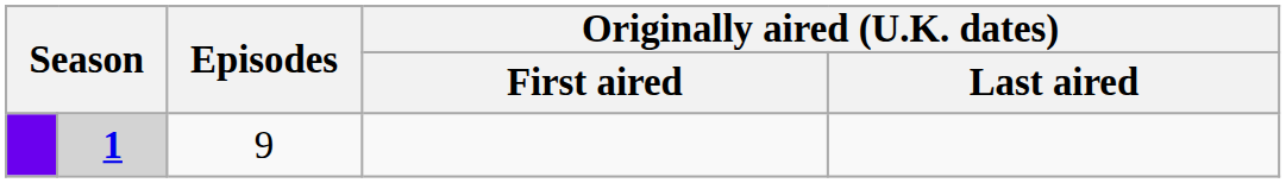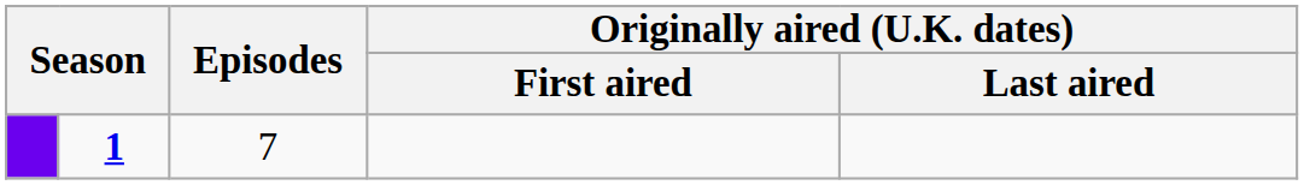 <table class="wikitable plainrowheaders" style="text-align:center;">
 <tr>
 <th scope="col" style="padding:0 9px;" rowspan="2" colspan="2">Season</th>
 <th scope="col" style="padding:0 9px;" rowspan="2">Episodes</th>
 <th scope="col" style="padding:0 90px;" colspan="2">Originally aired (U.K. dates)</th>
 </tr>
 <tr>
 <th scope="col">First aired</th>
 <th scope="col">Last aired</th>
 </tr>
 <tr>
 <td scope="row" style="background:#6B00EE; color:#100;"></td>
-<td style="background: lightgrey;"><strong><a href='#'>1</a></strong></td>
-<td>9</td>
+<td><strong><a href='#'>1</a></strong></td>
+<td>7</td>
 <td></td>
 <td></td>
 </tr>
 </table>
